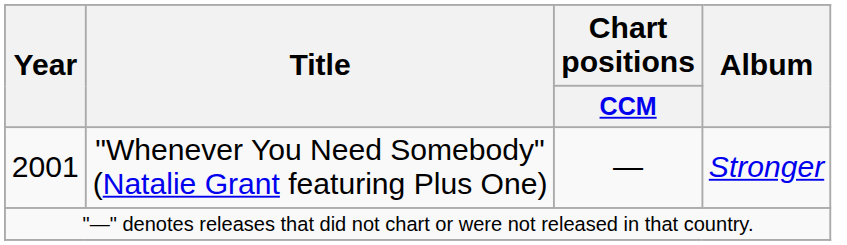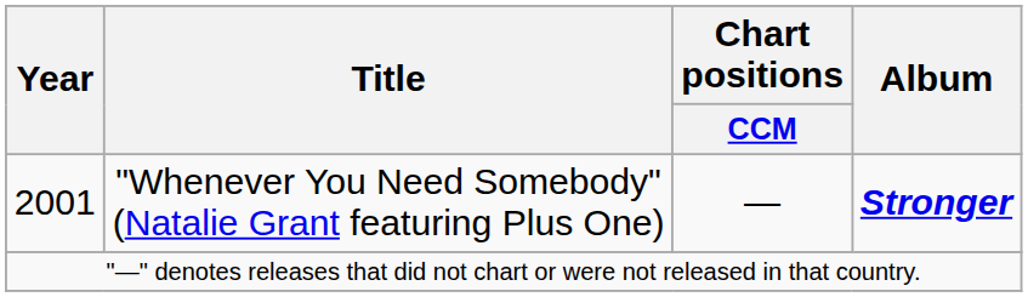 <table class=wikitable style=text-align:center;>
 <tr>
 <th rowspan="2">Year</th>
 <th rowspan="2">Title</th>
 <th colspan="1">Chart positions</th>
 <th rowspan="2">Album</th>
 </tr>
 <tr style=font-size:smaller;>
 <th width=50><a href='#'>CCM</a></th>
 </tr>
 <tr>
 <td>2001</td>
 <td>"Whenever You Need Somebody"<br><span>(<a href='#'>Natalie Grant</a> featuring Plus One)</span></td>
 <td>—</td>
-<td><em><a href='#'>Stronger</a></em></td>
+<td><strong><em><a href='#'>Stronger</a></em></strong></td>
 </tr>
 <tr>
 <td colspan="6" style="font-size:8pt">"—" denotes releases that did not chart or were not released in that country.</td>
 </tr>
 </table>
